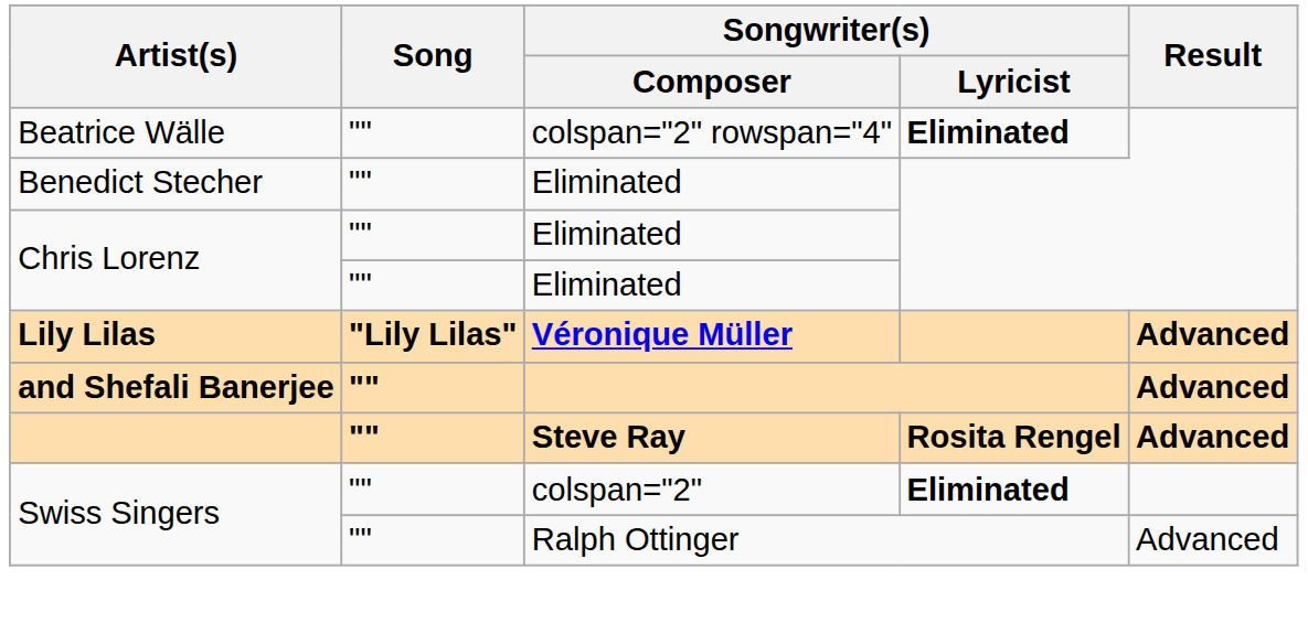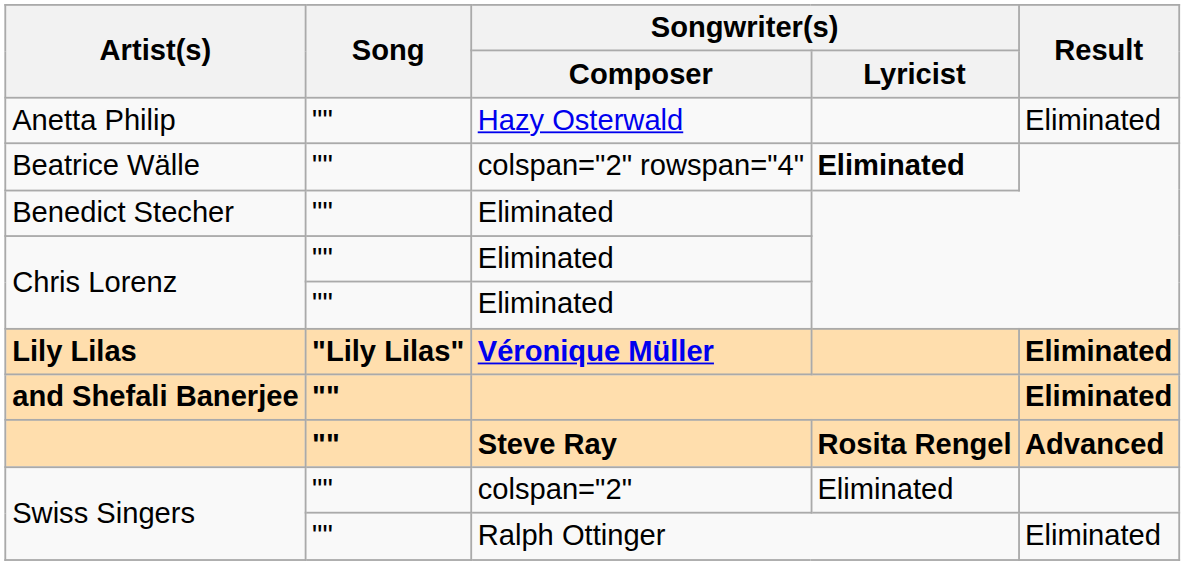 <table class="sortable wikitable" style="margin: 1em auto 1em auto; text-align:left">
 <tr>
 <th rowspan="2">Artist(s)</th>
 <th rowspan="2">Song</th>
 <th colspan="2">Songwriter(s)</th>
 <th rowspan="2">Result</th>
 </tr>
 <tr>
 <th>Composer</th>
 <th>Lyricist</th>
+</tr>
+<tr>
+<td>Anetta Philip</td>
+<td>""</td>
+<td><a href='#'>Hazy Osterwald</a></td>
+<td></td>
+<td>Eliminated</td>
 </tr>
 <tr>
 <td>Beatrice Wälle</td>
 <td>""</td>
 <td>colspan="2" rowspan="4" </td>
 <td><strong>Eliminated</strong></td>
 </tr>
 <tr>
 <td>Benedict Stecher</td>
 <td>""</td>
 <td>Eliminated</td>
 </tr>
 <tr>
 <td rowspan="2">Chris Lorenz</td>
 <td>""</td>
 <td>Eliminated</td>
 </tr>
 <tr>
 <td>""</td>
 <td>Eliminated</td>
 </tr>
 <tr style="font-weight:bold; background:navajowhite;">
 <td><strong>Lily Lilas</strong></td>
 <td>"Lily Lilas"</td>
 <td><a href='#'>Véronique Müller</a></td>
 <td></td>
-<td>Advanced</td>
+<td>Eliminated</td>
 </tr>
 <tr style="font-weight:bold; background:navajowhite;">
 <td> and Shefali Banerjee</td>
 <td>""</td>
 <td colspan="2"></td>
-<td>Advanced</td>
+<td>Eliminated</td>
 </tr>
 <tr style="font-weight:bold; background:navajowhite;">
 <td></td>
 <td>""</td>
 <td>Steve Ray</td>
 <td>Rosita Rengel</td>
 <td>Advanced</td>
 </tr>
 <tr>
 <td rowspan="2">Swiss Singers</td>
 <td>""</td>
 <td>colspan="2" </td>
-<td><strong>Eliminated</strong></td>
+<td>Eliminated</td>
 </tr>
 <tr>
 <td>""</td>
 <td colspan="2">Ralph Ottinger</td>
-<td>Advanced</td>
+<td>Eliminated</td>
 </tr>
 </table>
